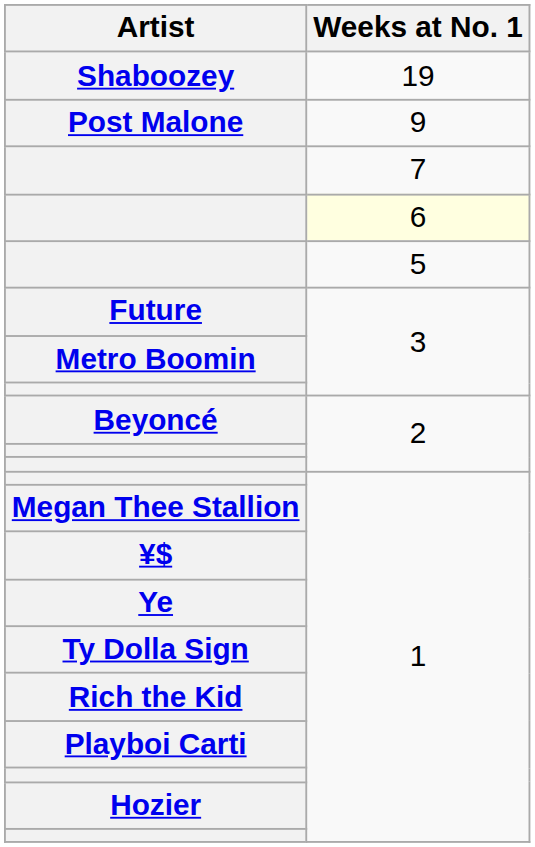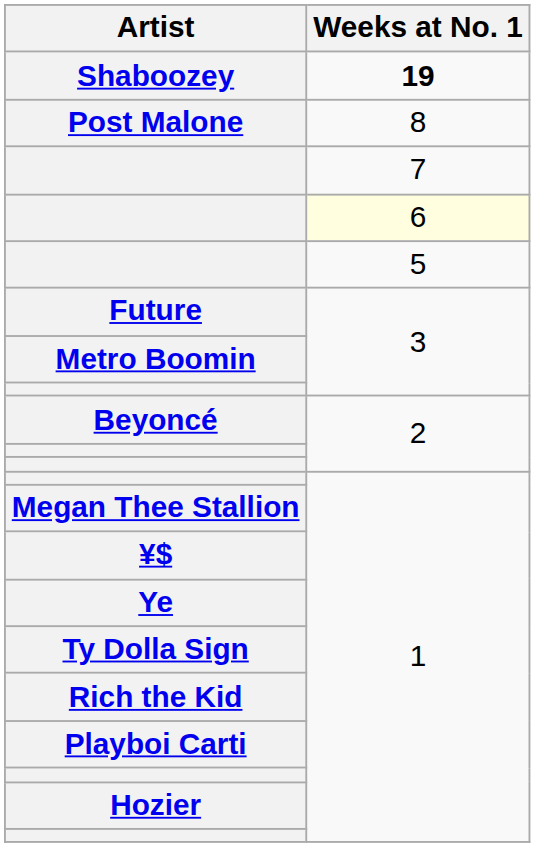 <table class="wikitable sortable plainrowheaders" style="text-align:center;">
 <tr>
 <th scope="col">Artist</th>
 <th scope="col">Weeks at No. 1</th>
 </tr>
 <tr>
 <th scope="row"><a href='#'>Shaboozey</a></th>
-<td>19</td>
+<td><strong>19</strong></td>
 </tr>
 <tr>
 <th scope="row"><a href='#'>Post Malone</a></th>
-<td>9</td>
+<td>8</td>
 </tr>
 <tr>
 <th scope="row"></th>
 <td>7</td>
 </tr>
 <tr>
 <th scope="row"></th>
 <td style="background: lightyellow;">6</td>
 </tr>
 <tr>
 <th scope="row"></th>
 <td>5</td>
 </tr>
 <tr>
 <th scope="row"><a href='#'>Future</a></th>
 <td rowspan=3>3</td>
 </tr>
 <tr>
 <th scope="row"><a href='#'>Metro Boomin</a></th>
 </tr>
 <tr>
 <th scope="row"></th>
 </tr>
 <tr>
 <th scope="row"><a href='#'>Beyoncé</a></th>
 <td rowspan=3>2</td>
 </tr>
 <tr>
 <th scope="row"></th>
 </tr>
 <tr>
 <th scope="row"></th>
 </tr>
 <tr>
 <th scope="row"></th>
 <td rowspan=10>1</td>
 </tr>
 <tr>
 <th scope="row"><a href='#'>Megan Thee Stallion</a></th>
 </tr>
 <tr>
 <th scope="row"><a href='#'>¥$</a></th>
 </tr>
 <tr>
 <th scope="row"><a href='#'>Ye</a></th>
 </tr>
 <tr>
 <th scope="row"><a href='#'>Ty Dolla Sign</a></th>
 </tr>
 <tr>
 <th scope="row"><a href='#'>Rich the Kid</a></th>
 </tr>
 <tr>
 <th scope="row"><a href='#'>Playboi Carti</a></th>
 </tr>
 <tr>
 <th scope="row"></th>
 </tr>
 <tr>
 <th scope="row"><a href='#'>Hozier</a></th>
 </tr>
 <tr>
 <th scope="row"></th>
 </tr>
 </table>
